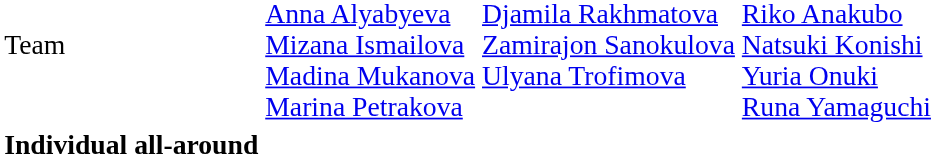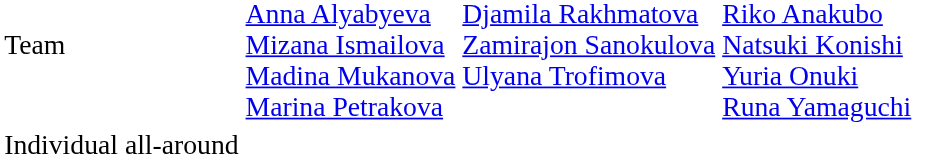 <table>
 <tr>
 <td>Team<br></td>
 <td><br><a href='#'>Anna Alyabyeva</a><br><a href='#'>Mizana Ismailova</a><br><a href='#'>Madina Mukanova</a><br><a href='#'>Marina Petrakova</a></td>
 <td valign=top><br><a href='#'>Djamila Rakhmatova</a><br><a href='#'>Zamirajon Sanokulova</a><br><a href='#'>Ulyana Trofimova</a></td>
 <td><br><a href='#'>Riko Anakubo</a><br><a href='#'>Natsuki Konishi</a><br><a href='#'>Yuria Onuki</a><br><a href='#'>Runa Yamaguchi</a></td>
 </tr>
 <tr>
-<td><strong>Individual all-around<br></strong></td>
+<td>Individual all-around<br></td>
 <td></td>
 <td></td>
 <td></td>
 </tr>
 </table>
